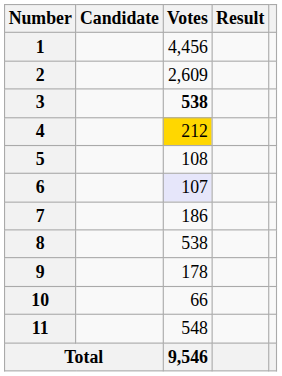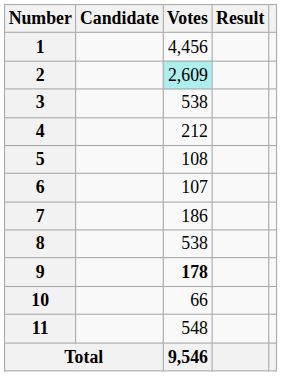 <table class="wikitable sortable">
 <tr>
 <th scope="col">Number</th>
 <th scope="col">Candidate</th>
 <th scope="col">Votes</th>
 <th scope="col">Result</th>
 <th scope="col" class="unsortable"></th>
 </tr>
 <tr>
 <th scope="row">1</th>
 <td></td>
 <td style="text-align:right">4,456</td>
 <td></td>
 <td></td>
 </tr>
 <tr>
 <th scope="row">2</th>
 <td></td>
-<td style="text-align:right">2,609</td>
+<td style="background: paleturquoise; text-align:right">2,609</td>
 <td></td>
 <td></td>
 </tr>
 <tr>
 <th scope="row">3</th>
 <td></td>
-<td style="text-align:right"><strong>538</strong></td>
+<td style="text-align:right">538</td>
 <td></td>
 <td></td>
 </tr>
 <tr>
 <th scope="row">4</th>
 <td></td>
-<td style="background: gold; text-align:right">212</td>
+<td style="text-align:right">212</td>
 <td></td>
 <td></td>
 </tr>
 <tr>
 <th scope="row">5</th>
 <td></td>
 <td style="text-align:right">108</td>
 <td></td>
 <td></td>
 </tr>
 <tr>
 <th scope="row">6</th>
 <td></td>
-<td style="background: lavender; text-align:right">107</td>
+<td style="text-align:right">107</td>
 <td></td>
 <td></td>
 </tr>
 <tr>
 <th scope="row">7</th>
 <td></td>
 <td style="text-align:right">186</td>
 <td></td>
 <td></td>
 </tr>
 <tr>
 <th scope="row">8</th>
 <td></td>
 <td style="text-align:right">538</td>
 <td></td>
 <td></td>
 </tr>
 <tr>
 <th scope="row">9</th>
 <td></td>
-<td style="text-align:right">178</td>
+<td style="text-align:right"><strong>178</strong></td>
 <td></td>
 <td></td>
 </tr>
 <tr>
 <th scope="row">10</th>
 <td></td>
 <td style="text-align:right">66</td>
 <td></td>
 <td></td>
 </tr>
 <tr>
 <th scope="row">11</th>
 <td></td>
 <td style="text-align:right">548</td>
 <td></td>
 <td></td>
 </tr>
 <tr class="sortbottom">
 <th scope="row" colspan="2">Total</th>
 <th style="text-align:right">9,546</th>
 <th></th>
 <th></th>
 </tr>
 </table>
